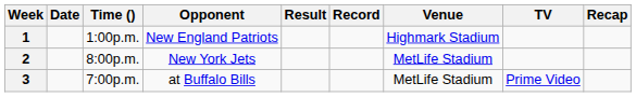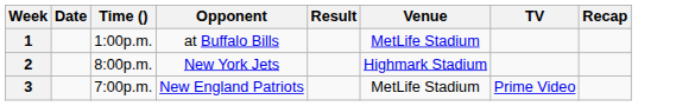 <table class="wikitable" style="text-align:center">
 <tr>
 <th>Week</th>
 <th>Date</th>
 <th>Time (<a href='#'></a>)</th>
 <th>Opponent</th>
 <th>Result</th>
-<th>Record</th>
 <th>Venue</th>
 <th>TV</th>
 <th>Recap</th>
 </tr>
 <tr>
 <th>1</th>
 <td></td>
 <td>1:00p.m.</td>
-<td><a href='#'>New England Patriots</a></td>
+<td>at <a href='#'>Buffalo Bills</a></td>
 <td></td>
-<td></td>
-<td><a href='#'>Highmark Stadium</a></td>
+<td><a href='#'>MetLife Stadium</a></td>
 <td></td>
 <td></td>
 </tr>
 <tr>
 <th>2</th>
 <td></td>
 <td>8:00p.m.</td>
 <td><a href='#'>New York Jets</a></td>
 <td></td>
-<td></td>
-<td><a href='#'>MetLife Stadium</a></td>
+<td><a href='#'>Highmark Stadium</a></td>
 <td></td>
 <td></td>
 </tr>
 <tr>
 <th>3</th>
 <td></td>
 <td>7:00p.m.</td>
-<td>at <a href='#'>Buffalo Bills</a></td>
-<td></td>
+<td><a href='#'>New England Patriots</a></td>
 <td></td>
 <td>MetLife Stadium</td>
 <td><a href='#'>Prime Video</a></td>
 <td></td>
 </tr>
 </table>
